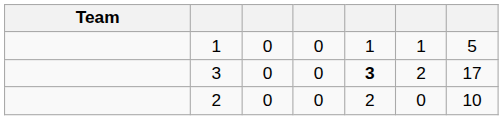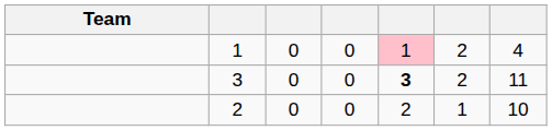 <table class="wikitable" style="text-align:center">
 <tr>
 <th width=165>Team</th>
 <th width=40></th>
 <th width=40></th>
 <th width=40></th>
 <th width=40></th>
 <th width=40></th>
 <th width=40></th>
 </tr>
 <tr>
 <td style="text-align:left"></td>
 <td>1</td>
 <td>0</td>
 <td>0</td>
-<td>1</td>
-<td>1</td>
-<td>5</td>
+<td style="background: pink;">1</td>
+<td>2</td>
+<td>4</td>
 </tr>
 <tr>
 <td style="text-align:left"></td>
 <td>3</td>
 <td>0</td>
 <td>0</td>
 <td><strong>3</strong></td>
 <td>2</td>
-<td>17</td>
+<td>11</td>
 </tr>
 <tr>
 <td style="text-align:left"></td>
 <td>2</td>
 <td>0</td>
 <td>0</td>
 <td>2</td>
-<td>0</td>
+<td>1</td>
 <td>10</td>
 </tr>
 </table>
